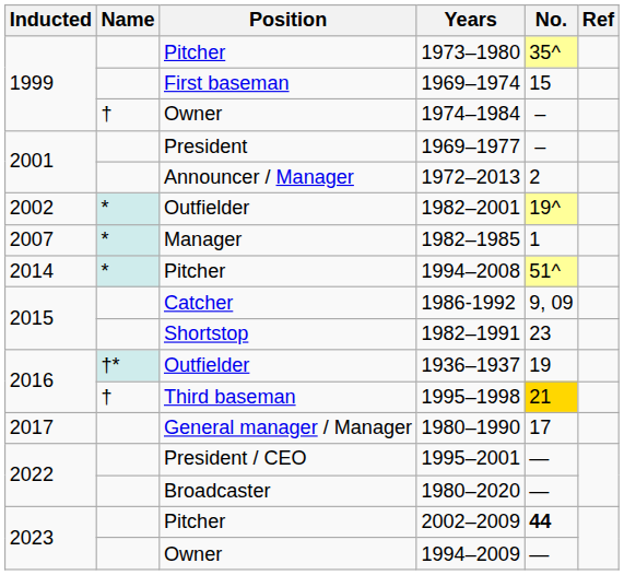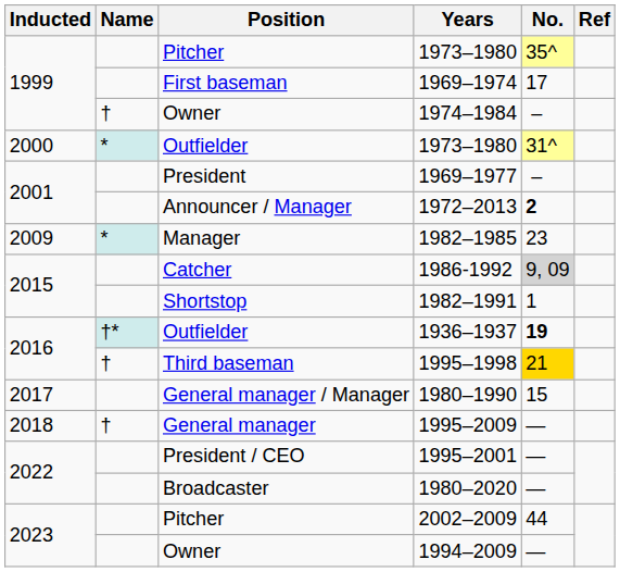 <table class="wikitable sortable" >
 <tr bgcolor="#efefef">
 <th>Inducted</th>
 <th>Name</th>
 <th>Position</th>
 <th>Years</th>
 <th>No.</th>
 <th class="unsortable">Ref</th>
 </tr>
 <tr>
 <td rowspan=3>1999</td>
 <td></td>
 <td><a href='#'>Pitcher</a></td>
 <td>1973–1980</td>
 <td style="background:#FFFF99;">35^</td>
 <td></td>
 </tr>
 <tr>
 <td></td>
 <td><a href='#'>First baseman</a></td>
 <td>1969–1974</td>
-<td>15</td>
+<td>17</td>
 <td></td>
 </tr>
 <tr>
 <td>†</td>
 <td>Owner</td>
 <td>1974–1984</td>
 <td> –</td>
+<td></td>
+</tr>
+<tr>
+<td>2000</td>
+<td style="background:#cfecec;">*</td>
+<td><a href='#'>Outfielder</a></td>
+<td>1973–1980</td>
+<td style="background:#FFFF99;">31^</td>
 <td></td>
 </tr>
 <tr>
 <td rowspan=2>2001</td>
 <td></td>
 <td>President</td>
 <td>1969–1977</td>
 <td> –</td>
 <td></td>
 </tr>
 <tr>
 <td></td>
 <td>Announcer / <a href='#'>Manager</a></td>
 <td>1972–2013</td>
-<td>2</td>
+<td><strong>2</strong></td>
 <td></td>
 </tr>
 <tr>
-<td>2002</td>
-<td style="background:#cfecec;">*</td>
-<td>Outfielder</td>
-<td>1982–2001</td>
-<td style="background:#FFFF99;">19^</td>
-<td></td>
-</tr>
-<tr>
-<td>2007</td>
+<td>2009</td>
 <td style="background:#cfecec;">*</td>
 <td>Manager</td>
 <td>1982–1985</td>
-<td>1</td>
-<td></td>
-</tr>
-<tr>
-<td>2014</td>
-<td style="background:#cfecec;">*</td>
-<td>Pitcher</td>
-<td>1994–2008</td>
-<td style="background:#FFFF99;">51^</td>
+<td>23</td>
 <td></td>
 </tr>
 <tr>
 <td rowspan=2>2015</td>
 <td></td>
 <td><a href='#'>Catcher</a></td>
 <td>1986-1992</td>
-<td>9, 09</td>
+<td style="background: lightgrey;">9, 09</td>
 <td></td>
 </tr>
 <tr>
 <td></td>
 <td><a href='#'>Shortstop</a></td>
 <td>1982–1991</td>
-<td>23</td>
+<td>1</td>
 <td></td>
 </tr>
 <tr>
 <td rowspan=2>2016</td>
 <td style="background:#cfecec;">†*</td>
 <td><a href='#'>Outfielder</a></td>
 <td>1936–1937</td>
-<td>19</td>
+<td><strong>19</strong></td>
 <td></td>
 </tr>
 <tr>
 <td>†</td>
 <td><a href='#'>Third baseman</a></td>
 <td>1995–1998</td>
 <td style="background: gold;">21</td>
 <td></td>
 </tr>
 <tr>
 <td>2017</td>
 <td></td>
 <td><a href='#'>General manager</a> / Manager</td>
 <td>1980–1990</td>
-<td>17</td>
+<td>15</td>
+<td></td>
+</tr>
+<tr>
+<td>2018</td>
+<td>†</td>
+<td><a href='#'>General manager</a></td>
+<td>1995–2009</td>
+<td>—</td>
 <td></td>
 </tr>
 <tr>
 <td rowspan=2>2022</td>
 <td></td>
 <td>President / CEO</td>
 <td>1995–2001</td>
 <td>—</td>
 <td rowspan=2></td>
 </tr>
 <tr>
 <td></td>
 <td>Broadcaster</td>
 <td>1980–2020</td>
 <td>—</td>
 </tr>
 <tr>
 <td rowspan=2>2023</td>
 <td></td>
 <td>Pitcher</td>
 <td>2002–2009</td>
-<td><strong>44</strong></td>
+<td>44</td>
 <td rowspan=2></td>
 </tr>
 <tr>
 <td></td>
 <td>Owner</td>
 <td>1994–2009</td>
 <td>—</td>
 </tr>
 </table>
